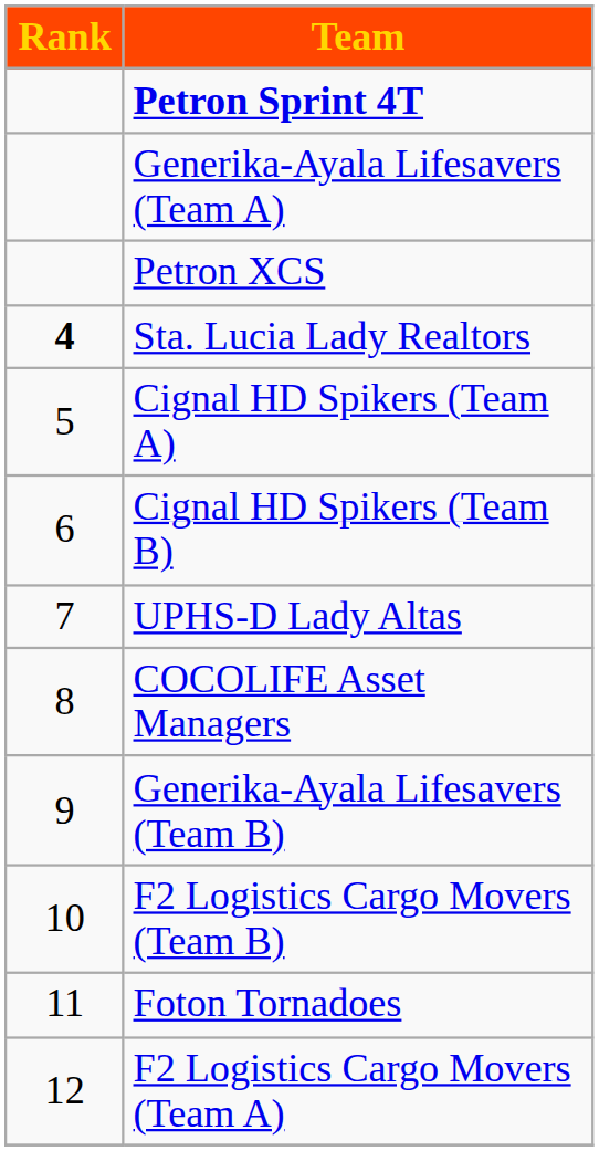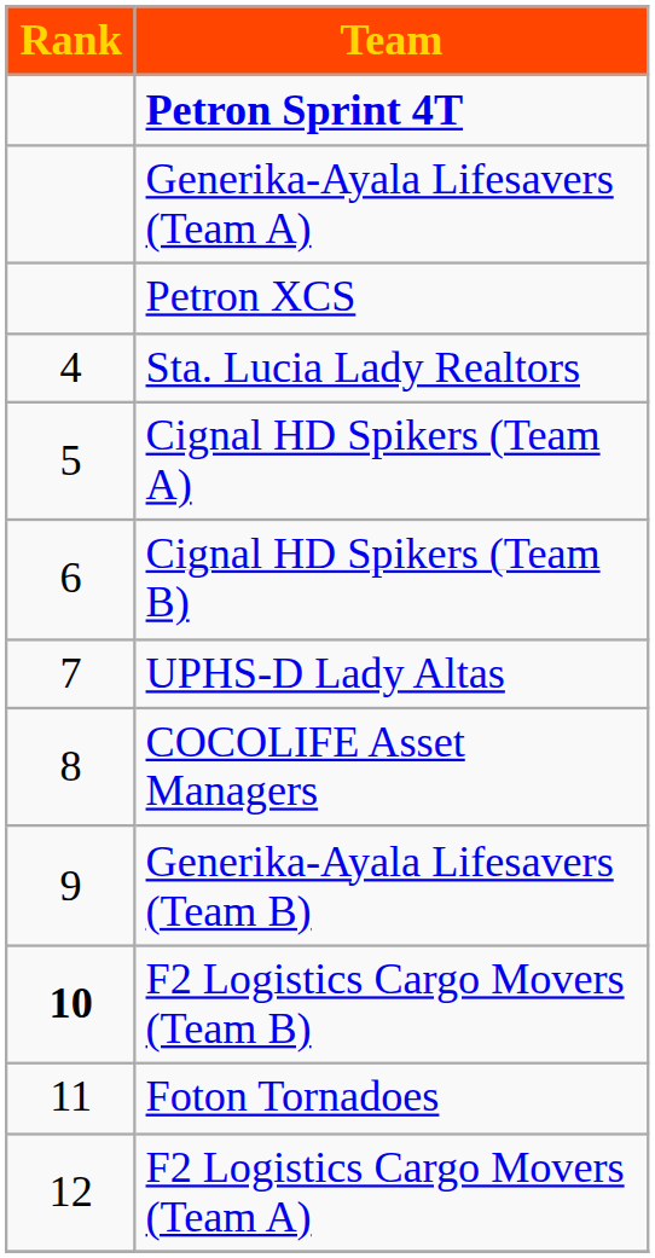 <table class="wikitable" style="text-align: center">
 <tr>
 <th width=40 style="background:#FF4500; color:#FFD700;">Rank</th>
 <th width=180 style="background:#FF4500; color:#FFD700;">Team</th>
 </tr>
 <tr>
 <td></td>
 <td align="left"><strong><a href='#'>Petron Sprint 4T</a></strong></td>
 </tr>
 <tr>
 <td></td>
 <td align="left"><a href='#'>Generika-Ayala Lifesavers (Team A)</a></td>
 </tr>
 <tr>
 <td></td>
 <td align="left"><a href='#'>Petron XCS</a></td>
 </tr>
 <tr>
-<td><strong>4</strong></td>
+<td>4</td>
 <td align="left"><a href='#'>Sta. Lucia Lady Realtors</a></td>
 </tr>
 <tr>
 <td>5</td>
 <td align="left"><a href='#'>Cignal HD Spikers (Team A)</a></td>
 </tr>
 <tr>
 <td>6</td>
 <td align="left"><a href='#'>Cignal HD Spikers (Team B)</a></td>
 </tr>
 <tr>
 <td>7</td>
 <td align="left"><a href='#'>UPHS-D Lady Altas</a></td>
 </tr>
 <tr>
 <td>8</td>
 <td align="left"><a href='#'>COCOLIFE Asset Managers</a></td>
 </tr>
 <tr>
 <td>9</td>
 <td align="left"><a href='#'>Generika-Ayala Lifesavers (Team B)</a></td>
 </tr>
 <tr>
-<td>10</td>
+<td><strong>10</strong></td>
 <td align="left"><a href='#'>F2 Logistics Cargo Movers (Team B)</a></td>
 </tr>
 <tr>
 <td>11</td>
 <td align="left"><a href='#'>Foton Tornadoes</a></td>
 </tr>
 <tr>
 <td>12</td>
 <td align="left"><a href='#'>F2 Logistics Cargo Movers (Team A)</a></td>
 </tr>
 <tr>
 </tr>
 </table>
